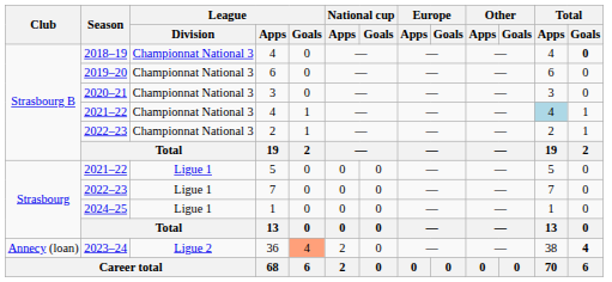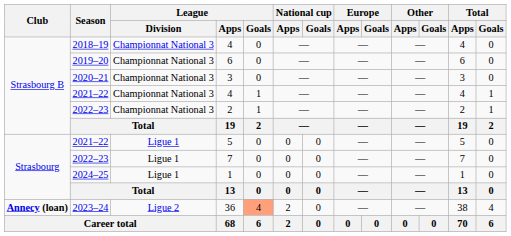 <table class="wikitable" style="text-align: center">
 <tr>
 <th rowspan="2">Club</th>
 <th rowspan="2">Season</th>
 <th colspan="3">League</th>
 <th colspan="2">National cup</th>
 <th colspan="2">Europe</th>
 <th colspan="2">Other</th>
 <th colspan="2">Total</th>
 </tr>
 <tr>
 <th>Division</th>
 <th>Apps</th>
 <th>Goals</th>
 <th>Apps</th>
 <th>Goals</th>
 <th>Apps</th>
 <th>Goals</th>
 <th>Apps</th>
 <th>Goals</th>
 <th>Apps</th>
 <th>Goals</th>
 </tr>
 <tr>
 <td rowspan="6"><a href='#'>Strasbourg B</a></td>
 <td><a href='#'>2018–19</a></td>
 <td><a href='#'>Championnat National 3</a></td>
 <td>4</td>
 <td>0</td>
 <td colspan="2">—</td>
 <td colspan="2">—</td>
 <td colspan="2">—</td>
 <td>4</td>
-<td><strong>0</strong></td>
+<td>0</td>
 </tr>
 <tr>
 <td><a href='#'>2019–20</a></td>
 <td>Championnat National 3</td>
 <td>6</td>
 <td>0</td>
 <td colspan="2">—</td>
 <td colspan="2">—</td>
 <td colspan="2">—</td>
 <td>6</td>
 <td>0</td>
 </tr>
 <tr>
 <td><a href='#'>2020–21</a></td>
 <td>Championnat National 3</td>
 <td>3</td>
 <td>0</td>
 <td colspan="2">—</td>
 <td colspan="2">—</td>
 <td colspan="2">—</td>
 <td>3</td>
 <td>0</td>
 </tr>
 <tr>
 <td><a href='#'>2021–22</a></td>
 <td>Championnat National 3</td>
 <td>4</td>
 <td>1</td>
 <td colspan="2">—</td>
 <td colspan="2">—</td>
 <td colspan="2">—</td>
-<td style="background: lightblue;">4</td>
+<td>4</td>
 <td>1</td>
 </tr>
 <tr>
 <td><a href='#'>2022–23</a></td>
 <td>Championnat National 3</td>
 <td>2</td>
 <td>1</td>
 <td colspan="2">—</td>
 <td colspan="2">—</td>
 <td colspan="2">—</td>
 <td>2</td>
 <td>1</td>
 </tr>
 <tr>
 <th colspan="2">Total</th>
 <th>19</th>
 <th>2</th>
 <th colspan="2">—</th>
 <th colspan="2">—</th>
 <th colspan="2">—</th>
 <th>19</th>
 <th>2</th>
 </tr>
 <tr>
 <td rowspan="4"><a href='#'>Strasbourg</a></td>
 <td><a href='#'>2021–22</a></td>
 <td><a href='#'>Ligue 1</a></td>
 <td>5</td>
 <td>0</td>
 <td>0</td>
 <td>0</td>
 <td colspan="2">—</td>
 <td colspan="2">—</td>
 <td>5</td>
 <td>0</td>
 </tr>
 <tr>
 <td><a href='#'>2022–23</a></td>
 <td>Ligue 1</td>
 <td>7</td>
 <td>0</td>
 <td>0</td>
 <td>0</td>
 <td colspan="2">—</td>
 <td colspan="2">—</td>
 <td>7</td>
 <td>0</td>
 </tr>
 <tr>
 <td><a href='#'>2024–25</a></td>
 <td>Ligue 1</td>
 <td>1</td>
 <td>0</td>
 <td>0</td>
 <td>0</td>
 <td colspan="2">—</td>
 <td colspan="2">—</td>
 <td>1</td>
 <td>0</td>
 </tr>
 <tr>
 <th colspan="2">Total</th>
 <th>13</th>
 <th>0</th>
 <th>0</th>
 <th>0</th>
 <th colspan="2">—</th>
 <th colspan="2">—</th>
 <th>13</th>
 <th>0</th>
 </tr>
 <tr>
-<td><a href='#'>Annecy</a> (loan)</td>
+<td><strong><a href='#'>Annecy</a> (loan)</strong></td>
 <td><a href='#'>2023–24</a></td>
 <td><a href='#'>Ligue 2</a></td>
 <td>36</td>
 <td style="background: lightsalmon;">4</td>
 <td>2</td>
 <td>0</td>
 <td colspan="2">—</td>
 <td colspan="2">—</td>
 <td>38</td>
-<td><strong>4</strong></td>
+<td>4</td>
 </tr>
 <tr>
 <th colspan="3">Career total</th>
 <th>68</th>
 <th>6</th>
 <th>2</th>
 <th>0</th>
 <th>0</th>
 <th>0</th>
 <th>0</th>
 <th>0</th>
 <th>70</th>
 <th>6</th>
 </tr>
 </table>
